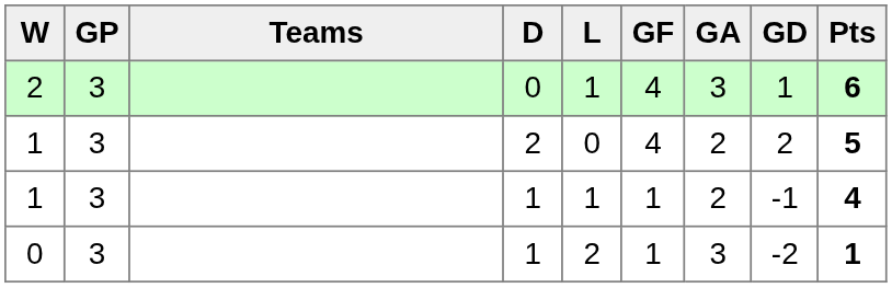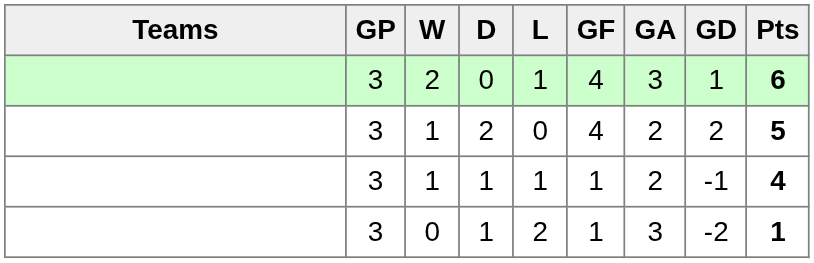 <table style=border-collapse:collapse border=1 cellspacing=0 cellpadding=5>
 <tr align=center bgcolor=#efefef>
+<th width=185>Teams</th>
+<th width=20>GP</th>
 <th width=20>W</th>
-<th width=20>GP</th>
-<th width=185>Teams</th>
 <th width=20>D</th>
 <th width=20>L</th>
 <th width=20>GF</th>
 <th width=20>GA</th>
 <th width=20>GD</th>
 <th width=20>Pts<br></th>
 </tr>
 <tr align=center style="background:#ccffcc;">
+<td style="text-align:left;"></td>
+<td>3</td>
 <td>2</td>
-<td>3</td>
-<td style="text-align:left;"></td>
 <td>0</td>
 <td>1</td>
 <td>4</td>
 <td>3</td>
 <td>1</td>
 <td><strong>6</strong></td>
 </tr>
 <tr align=center>
+<td style="text-align:left;"></td>
+<td>3</td>
 <td>1</td>
-<td>3</td>
-<td style="text-align:left;"></td>
 <td>2</td>
 <td>0</td>
 <td>4</td>
 <td>2</td>
 <td>2</td>
 <td><strong>5</strong></td>
 </tr>
 <tr align=center>
+<td style="text-align:left;"></td>
+<td>3</td>
 <td>1</td>
-<td>3</td>
-<td style="text-align:left;"></td>
 <td>1</td>
 <td>1</td>
 <td>1</td>
 <td>2</td>
 <td>-1</td>
 <td><strong>4</strong></td>
 </tr>
 <tr align=center>
+<td style="text-align:left;"></td>
+<td>3</td>
 <td>0</td>
-<td>3</td>
-<td style="text-align:left;"></td>
 <td>1</td>
 <td>2</td>
 <td>1</td>
 <td>3</td>
 <td>-2</td>
 <td><strong>1</strong></td>
 </tr>
 </table>
